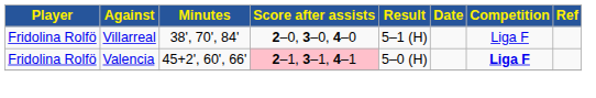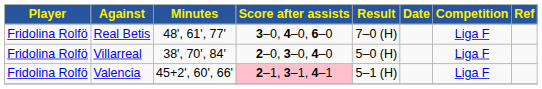 <table class="wikitable">
 <tr>
 <th style="background:#26559B; color:#FFF000; ">Player</th>
 <th style="background:#26559B; color:#FFF000; ">Against</th>
 <th style="background:#26559B; color:#FFF000; text-align:center; ">Minutes</th>
 <th style="background:#26559B; color:#FFF000; text-align:center; ">Score after assists</th>
 <th style="background:#26559B; color:#FFF000; text-align:center; ">Result</th>
 <th style="background:#26559B; color:#FFF000; ">Date</th>
 <th style="background:#26559B; color:#FFF000; text-align:center; ">Competition</th>
 <th style="background:#26559B; color:#FFF000; ">Ref</th>
 </tr>
 <tr>
 <td> <a href='#'>Fridolina Rolfö</a></td>
+<td> <a href='#'>Real Betis</a></td>
+<td style="text-align:center">48', 61', 77'</td>
+<td style="text-align:center"><strong>3</strong>–0, <strong>4</strong>–0, <strong>6</strong>–0</td>
+<td>7–0 (H)</td>
+<td></td>
+<td style="text-align:center"><a href='#'>Liga F</a></td>
+<td style="text-align:center"></td>
+</tr>
+<tr>
+<td> <a href='#'>Fridolina Rolfö</a></td>
 <td> <a href='#'>Villarreal</a></td>
 <td style="text-align:center">38', 70', 84'</td>
 <td style="text-align:center"><strong>2</strong>–0, <strong>3</strong>–0, <strong>4</strong>–0</td>
-<td>5–1 (H)</td>
+<td>5–0 (H)</td>
 <td style="text-align:center"></td>
 <td style="text-align:center"><a href='#'>Liga F</a></td>
 <td style="text-align:center"></td>
 </tr>
 <tr>
 <td> <a href='#'>Fridolina Rolfö</a></td>
 <td> <a href='#'>Valencia</a></td>
 <td style="text-align:center">45+2', 60', 66'</td>
 <td style="background: pink; text-align:center"><strong>2</strong>–1, <strong>3</strong>–1, <strong>4</strong>–1</td>
-<td>5–0 (H)</td>
+<td>5–1 (H)</td>
 <td style="text-align:center"></td>
-<td style="text-align:center"><strong><a href='#'>Liga F</a></strong></td>
+<td style="text-align:center"><a href='#'>Liga F</a></td>
 <td style="text-align:center"></td>
 </tr>
 <tr>
 </tr>
 </table>
